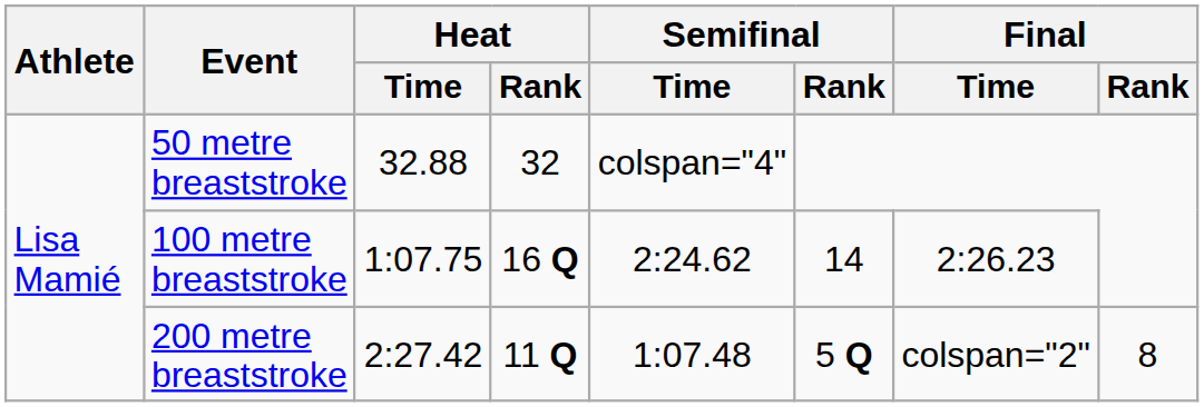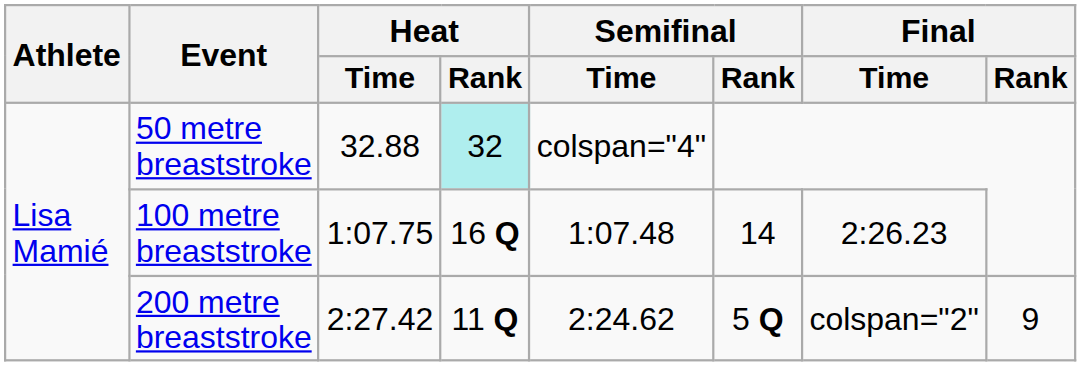 <table class="wikitable" style="text-align:center; font-size:90%; width:50%;">
 <tr>
 <th rowspan="2">Athlete</th>
 <th rowspan="2">Event</th>
 <th colspan="2">Heat</th>
 <th colspan="2">Semifinal</th>
 <th colspan="2">Final</th>
 </tr>
 <tr style="font-size:95%">
 <th>Time</th>
 <th>Rank</th>
 <th>Time</th>
 <th>Rank</th>
 <th>Time</th>
 <th>Rank</th>
 </tr>
 <tr>
 <td align=left rowspan=3><a href='#'>Lisa Mamié</a></td>
 <td align=left><a href='#'>50 metre breaststroke</a></td>
 <td>32.88</td>
-<td>32</td>
+<td style="background: paleturquoise;">32</td>
 <td>colspan="4"  </td>
 </tr>
 <tr>
 <td align=left><a href='#'>100 metre breaststroke</a></td>
 <td>1:07.75</td>
 <td>16 <strong>Q</strong></td>
-<td>2:24.62</td>
+<td>1:07.48</td>
 <td>14</td>
 <td>2:26.23</td>
 </tr>
 <tr>
 <td align=left><a href='#'>200 metre breaststroke</a></td>
 <td>2:27.42</td>
 <td>11 <strong>Q</strong></td>
-<td>1:07.48</td>
+<td>2:24.62</td>
 <td>5 <strong>Q</strong></td>
 <td>colspan="2"  </td>
-<td>8</td>
+<td>9</td>
 </tr>
 </table>
